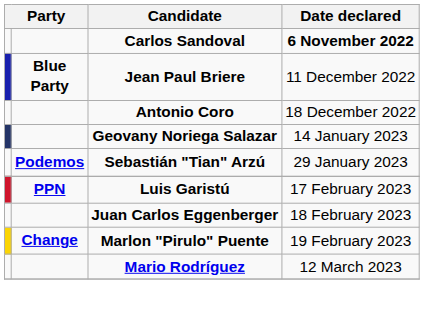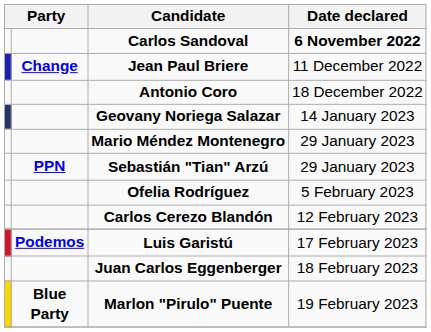 <table class="vertical-align-top wikitable">
 <tr>
 <th scope=colgroup colspan=2>Party</th>
 <th>Candidate</th>
 <th>Date declared</th>
 </tr>
 <tr>
 <td style=background:></td>
 <td style="text-align:center; line-height:1.3"><strong></strong></td>
 <td style="text-align:center; line-height:1.0"><strong>Carlos Sandoval</strong><br></td>
 <td style="text-align:center;"><strong>6 November 2022</strong></td>
 </tr>
 <tr>
 <td style=background:#1920ae></td>
-<td style="text-align:center; line-height:1.3"><strong>Blue <br>Party</strong></td>
+<td style="text-align:center; line-height:1.3"><strong><a href='#'>Change</a></strong></td>
 <td style="text-align:center; line-height:1.0"><strong>Jean Paul Briere</strong><br></td>
 <td style="text-align:center;">11 December 2022</td>
 </tr>
 <tr>
 <td style=background:></td>
 <td style="text-align:center; line-height:1.3"><strong></strong></td>
 <td style="text-align:center; line-height:1.0"><strong>Antonio Coro</strong><br></td>
 <td style="text-align:center;">18 December 2022</td>
 </tr>
 <tr>
 <td style=background:#243467></td>
 <td style="text-align:center; line-height:1.3"></td>
 <td style="text-align:center; line-height:1.0"><strong>Geovany Noriega Salazar</strong></td>
 <td style="text-align:center;">14 January 2023</td>
 </tr>
 <tr>
 <td style=background:></td>
-<td style="text-align:center; line-height:1.3"><strong><a href='#'>Podemos</a></strong></td>
+<td style="text-align:center; line-height:1.3"><strong></strong></td>
+<td style="text-align:center; line-height:1.0"><strong>Mario Méndez Montenegro</strong><br></td>
+<td style="text-align:center;">29 January 2023</td>
+</tr>
+<tr>
+<td style=background:></td>
+<td style="text-align:center; line-height:1.3"><strong><a href='#'>PPN</a></strong></td>
 <td style="text-align:center; line-height:1.0"><strong>Sebastián "Tian" Arzú</strong></td>
 <td style="text-align:center;">29 January 2023</td>
+</tr>
+<tr>
+<td style=background:></td>
+<td style="text-align:center; line-height:1.3"><strong></strong></td>
+<td style="text-align:center; line-height:1.0"><strong>Ofelia Rodríguez</strong></td>
+<td style="text-align:center;">5 February 2023</td>
+</tr>
+<tr>
+<td style=background:></td>
+<td style="text-align:center; line-height:1.3"><strong></strong></td>
+<td style="text-align:center; line-height:1.0"><strong>Carlos Cerezo Blandón</strong></td>
+<td style="text-align:center;">12 February 2023</td>
 </tr>
 <tr>
 </tr>
 <tr>
 <td style=background:#cf152c></td>
-<td style="text-align:center; line-height:1.3"><strong><a href='#'>PPN</a></strong></td>
+<td style="text-align:center; line-height:1.3"><strong><a href='#'>Podemos</a></strong></td>
 <td style="text-align:center; line-height:1.0"><strong>Luis Garistú</strong></td>
 <td style="text-align:center;">17 February 2023</td>
 </tr>
 <tr>
 <td style=background:></td>
 <td style="text-align:center; line-height:1.3"><strong></strong></td>
 <td style="text-align:center; line-height:1.0"><strong>Juan Carlos Eggenberger</strong></td>
 <td style="text-align:center;">18 February 2023</td>
 </tr>
 <tr>
 <td style=background:#fbd504></td>
-<td style="text-align:center; line-height:1.3"><strong><a href='#'>Change</a></strong></td>
+<td style="text-align:center; line-height:1.3"><strong>Blue <br>Party</strong></td>
 <td style="text-align:center; line-height:1.0"><strong>Marlon "Pirulo" Puente</strong></td>
 <td style="text-align:center;">19 February 2023</td>
 </tr>
 <tr>
-<td style=background:></td>
-<td style="text-align:center; line-height:1.3"><strong></strong></td>
-<td style="text-align:center; line-height:1.0"><strong><a href='#'>Mario Rodríguez</a></strong></td>
-<td style="text-align:center;">12 March 2023</td>
-</tr>
-<tr>
 </tr>
 </table>
